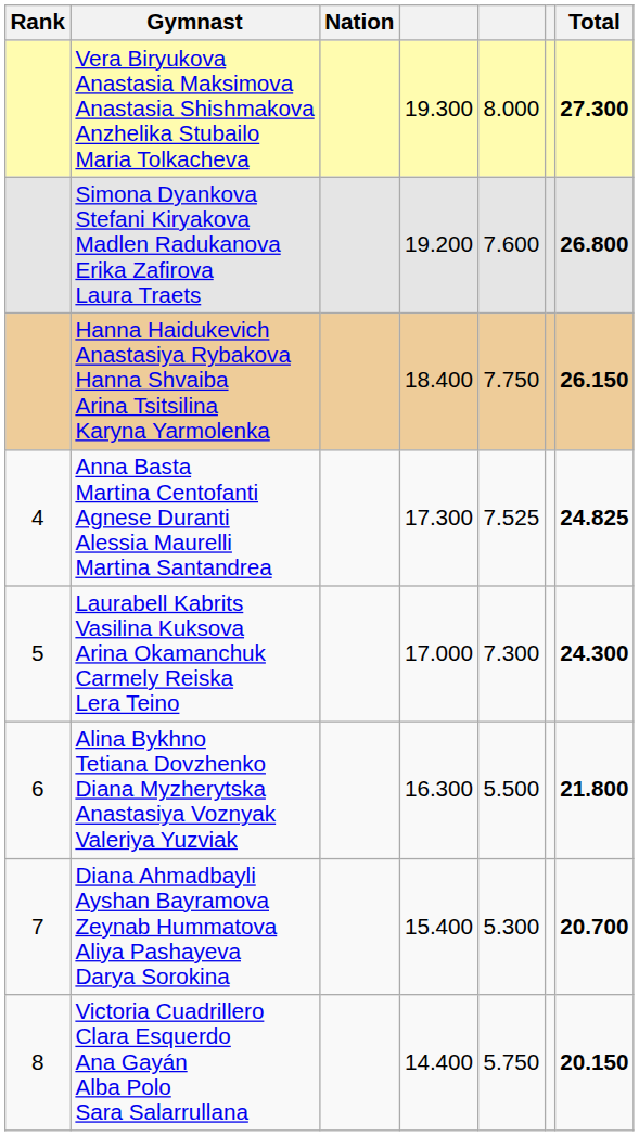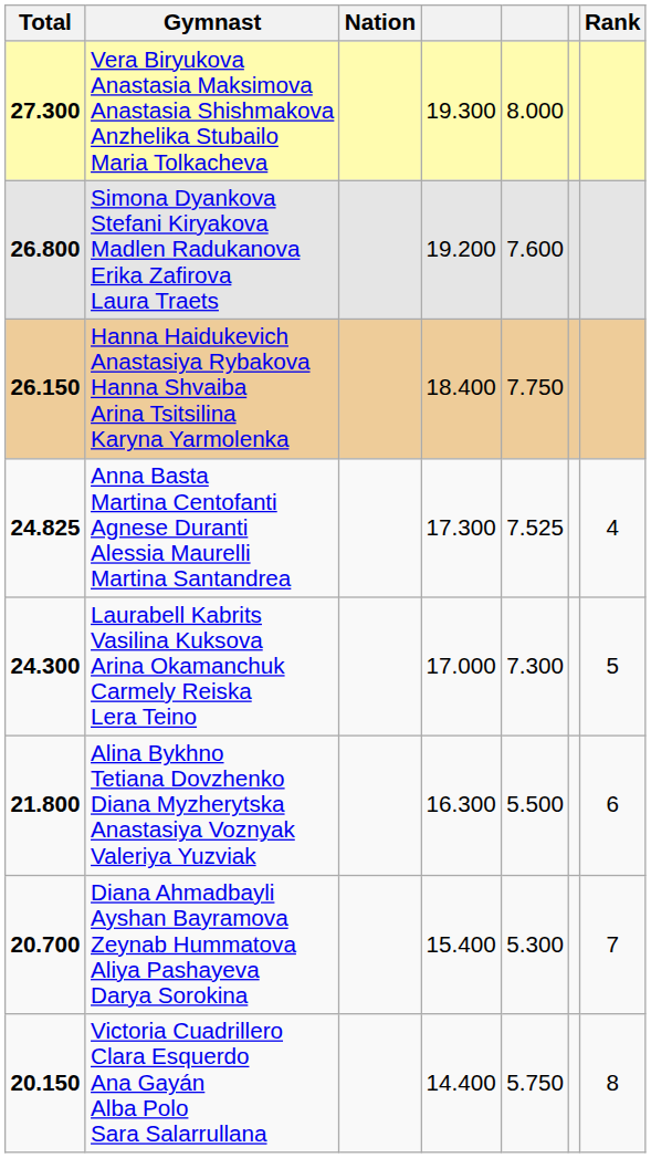 <table class="wikitable sortable" style="text-align:center">
 <tr>
-<th>Rank</th>
+<th>Total</th>
 <th>Gymnast</th>
 <th>Nation</th>
 <th><small></small></th>
 <th><small></small></th>
 <th><small></small></th>
-<th>Total</th>
+<th>Rank</th>
 </tr>
 <tr bgcolor=fffcaf>
-<td></td>
+<td><strong>27.300</strong></td>
 <td align=left><a href='#'>Vera Biryukova</a><br><a href='#'>Anastasia Maksimova</a><br><a href='#'>Anastasia Shishmakova</a><br><a href='#'>Anzhelika Stubailo</a><br><a href='#'>Maria Tolkacheva</a></td>
 <td align=left></td>
 <td>19.300</td>
 <td>8.000</td>
 <td></td>
-<td><strong>27.300</strong></td>
+<td></td>
 </tr>
 <tr bgcolor=e5e5e5>
-<td></td>
+<td><strong>26.800</strong></td>
 <td align=left><a href='#'>Simona Dyankova</a><br><a href='#'>Stefani Kiryakova</a><br><a href='#'>Madlen Radukanova</a><br><a href='#'>Erika Zafirova</a><br><a href='#'>Laura Traets</a></td>
 <td></td>
 <td>19.200</td>
 <td>7.600</td>
 <td></td>
-<td><strong>26.800</strong></td>
+<td></td>
 </tr>
 <tr bgcolor=eecc99>
-<td></td>
+<td><strong>26.150</strong></td>
 <td align=left><a href='#'>Hanna Haidukevich</a><br><a href='#'>Anastasiya Rybakova</a><br><a href='#'>Hanna Shvaiba</a><br><a href='#'>Arina Tsitsilina</a><br><a href='#'>Karyna Yarmolenka</a></td>
 <td align=left></td>
 <td>18.400</td>
 <td>7.750</td>
 <td></td>
-<td><strong>26.150</strong></td>
+<td></td>
 </tr>
 <tr>
-<td>4</td>
+<td><strong>24.825</strong></td>
 <td align=left><a href='#'>Anna Basta</a><br><a href='#'>Martina Centofanti</a><br><a href='#'>Agnese Duranti</a><br><a href='#'>Alessia Maurelli</a><br><a href='#'>Martina Santandrea</a></td>
 <td align=left></td>
 <td>17.300</td>
 <td>7.525</td>
 <td></td>
-<td><strong>24.825</strong></td>
+<td>4</td>
 </tr>
 <tr>
-<td>5</td>
+<td><strong>24.300</strong></td>
 <td align="left"><a href='#'>Laurabell Kabrits</a><br><a href='#'>Vasilina Kuksova</a><br><a href='#'>Arina Okamanchuk</a><br><a href='#'>Carmely Reiska</a><br><a href='#'>Lera Teino</a></td>
 <td align=left></td>
 <td>17.000</td>
 <td>7.300</td>
 <td></td>
-<td><strong>24.300</strong></td>
+<td>5</td>
 </tr>
 <tr>
-<td>6</td>
+<td><strong>21.800</strong></td>
 <td align="left"><a href='#'>Alina Bykhno</a><br><a href='#'>Tetiana Dovzhenko</a><br><a href='#'>Diana Myzherytska</a><br><a href='#'>Anastasiya Voznyak</a><br><a href='#'>Valeriya Yuzviak</a></td>
 <td align=left></td>
 <td>16.300</td>
 <td>5.500</td>
 <td></td>
-<td><strong>21.800</strong></td>
+<td>6</td>
 </tr>
 <tr>
-<td>7</td>
+<td><strong>20.700</strong></td>
 <td align="left"><a href='#'>Diana Ahmadbayli</a><br><a href='#'>Ayshan Bayramova</a><br><a href='#'>Zeynab Hummatova</a><br><a href='#'>Aliya Pashayeva</a><br><a href='#'>Darya Sorokina</a></td>
 <td align=left></td>
 <td>15.400</td>
 <td>5.300</td>
 <td></td>
-<td><strong>20.700</strong></td>
+<td>7</td>
 </tr>
 <tr>
-<td>8</td>
+<td><strong>20.150</strong></td>
 <td align=left><a href='#'>Victoria Cuadrillero</a><br><a href='#'>Clara Esquerdo</a><br><a href='#'>Ana Gayán</a><br><a href='#'>Alba Polo</a><br><a href='#'>Sara Salarrullana</a></td>
 <td align=left></td>
 <td>14.400</td>
 <td>5.750</td>
 <td></td>
-<td><strong>20.150</strong></td>
+<td>8</td>
 </tr>
 </table>
